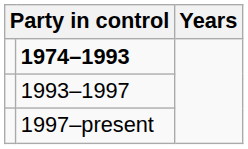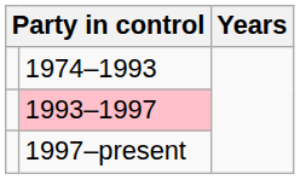 <table class="wikitable">
 <tr>
 <th colspan=2>Party in control</th>
 <th>Years</th>
 </tr>
 <tr>
 <td></td>
-<td><strong>1974–1993</strong></td>
+<td>1974–1993</td>
 </tr>
 <tr>
 <td></td>
-<td>1993–1997</td>
+<td style="background: pink;">1993–1997</td>
 </tr>
 <tr>
 <td></td>
 <td>1997–present</td>
 </tr>
 </table>
